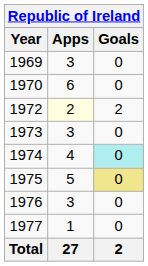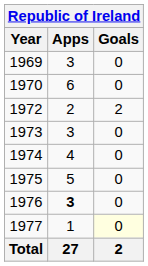 <table class="wikitable" style="text-align:center">
 <tr>
 <th colspan="3"><a href='#'>Republic of Ireland</a></th>
 </tr>
 <tr>
 <th>Year</th>
 <th>Apps</th>
 <th>Goals</th>
 </tr>
 <tr>
 <td>1969</td>
 <td>3</td>
 <td>0</td>
 </tr>
 <tr>
 <td>1970</td>
 <td>6</td>
 <td>0</td>
 </tr>
 <tr>
 <td>1972</td>
-<td style="background: lightyellow;">2</td>
+<td>2</td>
 <td>2</td>
 </tr>
 <tr>
 <td>1973</td>
 <td>3</td>
 <td>0</td>
 </tr>
 <tr>
 <td>1974</td>
 <td>4</td>
-<td style="background: paleturquoise;">0</td>
+<td>0</td>
 </tr>
 <tr>
 <td>1975</td>
 <td>5</td>
-<td style="background: khaki;">0</td>
+<td>0</td>
 </tr>
 <tr>
 <td>1976</td>
-<td>3</td>
+<td><strong>3</strong></td>
 <td>0</td>
 </tr>
 <tr>
 <td>1977</td>
 <td>1</td>
-<td>0</td>
+<td style="background: lightyellow;">0</td>
 </tr>
 <tr>
 <th>Total</th>
 <th>27</th>
 <th>2</th>
 </tr>
 </table>
